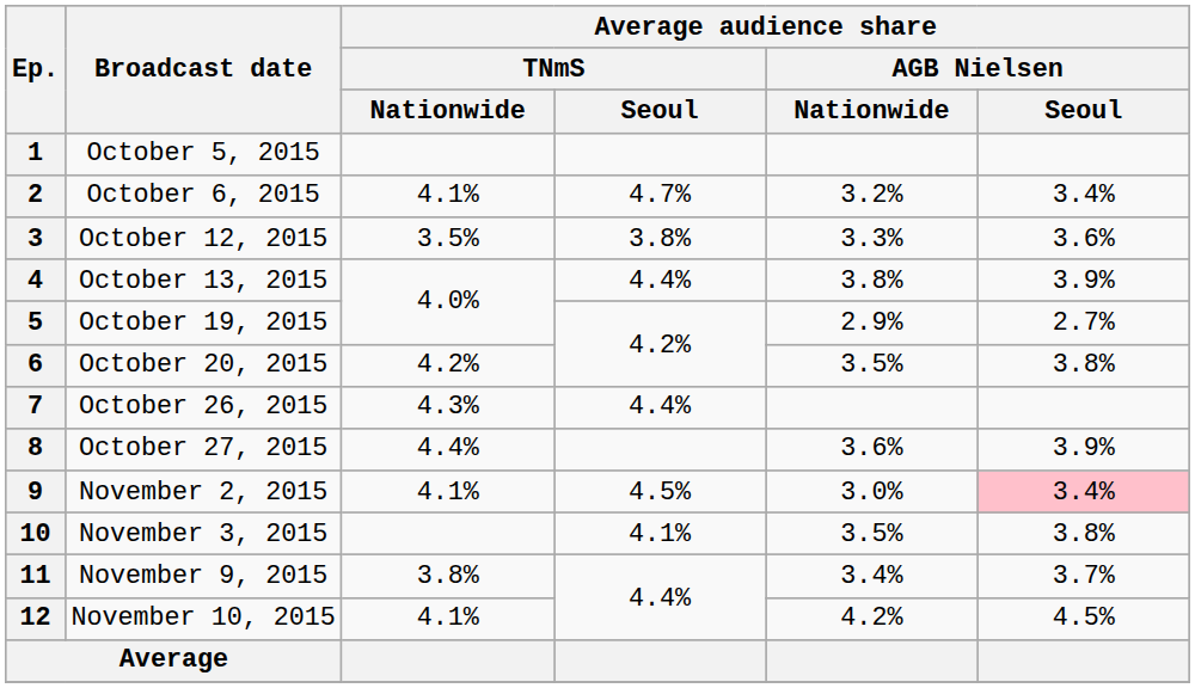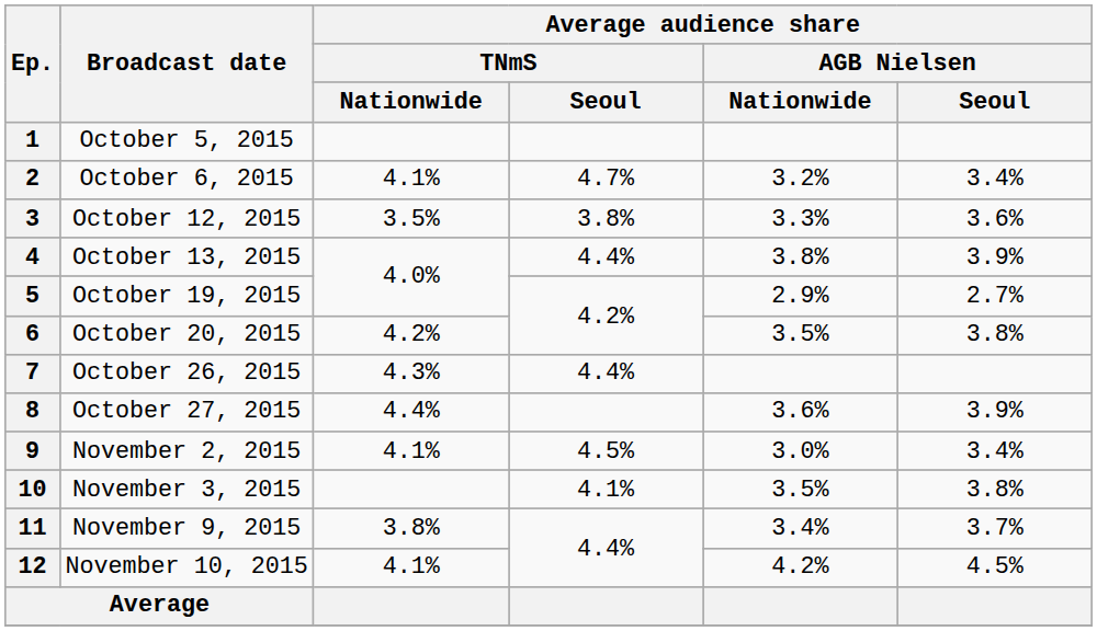 <table class=wikitable style="text-align:center">
 <tr>
 <th rowspan="3">Ep.</th>
 <th rowspan="3">Broadcast date</th>
 <th colspan="4">Average audience share</th>
 </tr>
 <tr>
 <th colspan="2">TNmS</th>
 <th colspan="2">AGB Nielsen</th>
 </tr>
 <tr>
 <th width=100>Nationwide</th>
 <th width=100>Seoul</th>
 <th width=100>Nationwide</th>
 <th width=100>Seoul</th>
 </tr>
 <tr>
 <th>1</th>
 <td>October 5, 2015</td>
 <td></td>
 <td></td>
 <td></td>
 <td></td>
 </tr>
 <tr>
 <th>2</th>
 <td>October 6, 2015</td>
 <td>4.1%</td>
 <td>4.7%</td>
 <td>3.2%</td>
 <td>3.4%</td>
 </tr>
 <tr>
 <th>3</th>
 <td>October 12, 2015</td>
 <td>3.5%</td>
 <td>3.8%</td>
 <td>3.3%</td>
 <td>3.6%</td>
 </tr>
 <tr>
 <th>4</th>
 <td>October 13, 2015</td>
 <td rowspan=2>4.0%</td>
 <td>4.4%</td>
 <td>3.8%</td>
 <td>3.9%</td>
 </tr>
 <tr>
 <th>5</th>
 <td>October 19, 2015</td>
 <td rowspan=2>4.2%</td>
 <td>2.9%</td>
 <td>2.7%</td>
 </tr>
 <tr>
 <th>6</th>
 <td>October 20, 2015</td>
 <td>4.2%</td>
 <td>3.5%</td>
 <td>3.8%</td>
 </tr>
 <tr>
 <th>7</th>
 <td>October 26, 2015</td>
 <td>4.3%</td>
 <td>4.4%</td>
 <td></td>
 <td></td>
 </tr>
 <tr>
 <th>8</th>
 <td>October 27, 2015</td>
 <td>4.4%</td>
 <td></td>
 <td>3.6%</td>
 <td>3.9%</td>
 </tr>
 <tr>
 <th>9</th>
 <td>November 2, 2015</td>
 <td>4.1%</td>
 <td>4.5%</td>
 <td>3.0%</td>
-<td style="background: pink;">3.4%</td>
+<td>3.4%</td>
 </tr>
 <tr>
 <th>10</th>
 <td>November 3, 2015</td>
 <td></td>
 <td>4.1%</td>
 <td>3.5%</td>
 <td>3.8%</td>
 </tr>
 <tr>
 <th>11</th>
 <td>November 9, 2015</td>
 <td>3.8%</td>
 <td rowspan=2>4.4%</td>
 <td>3.4%</td>
 <td>3.7%</td>
 </tr>
 <tr>
 <th>12</th>
 <td>November 10, 2015</td>
 <td>4.1%</td>
 <td>4.2%</td>
 <td>4.5%</td>
 </tr>
 <tr>
 <th colspan="2">Average</th>
 <th></th>
 <th></th>
 <th></th>
 <th></th>
 </tr>
 <tr>
 </tr>
 </table>
